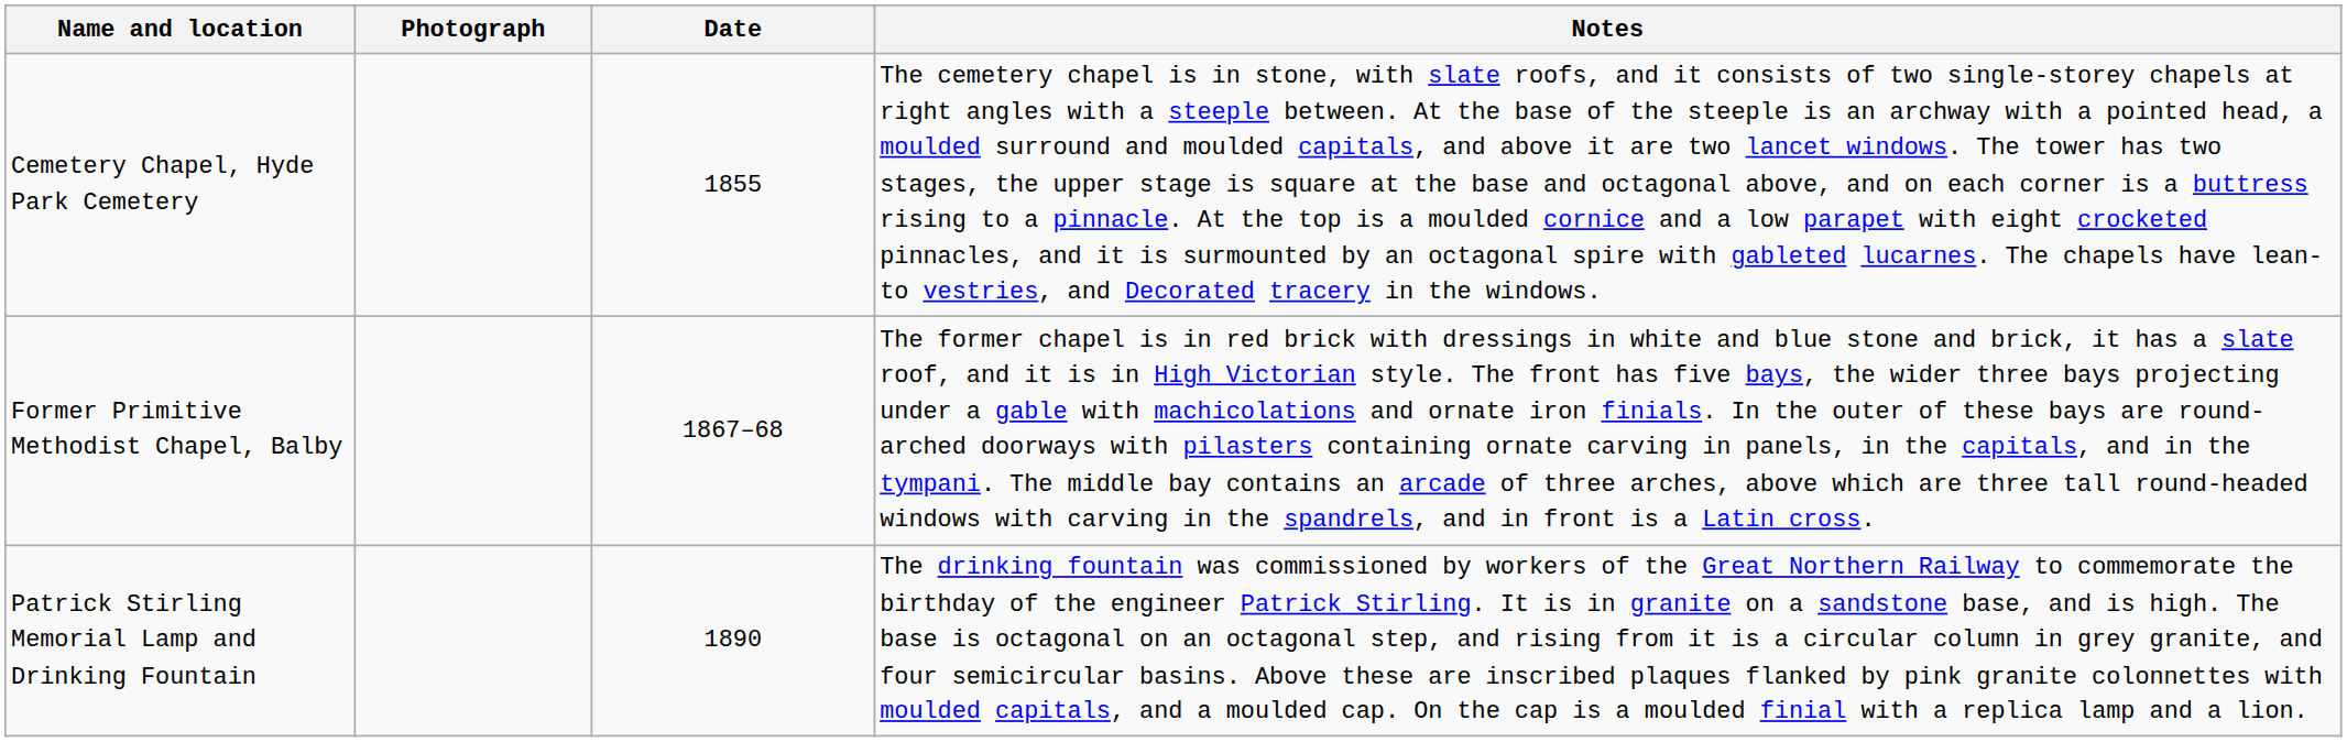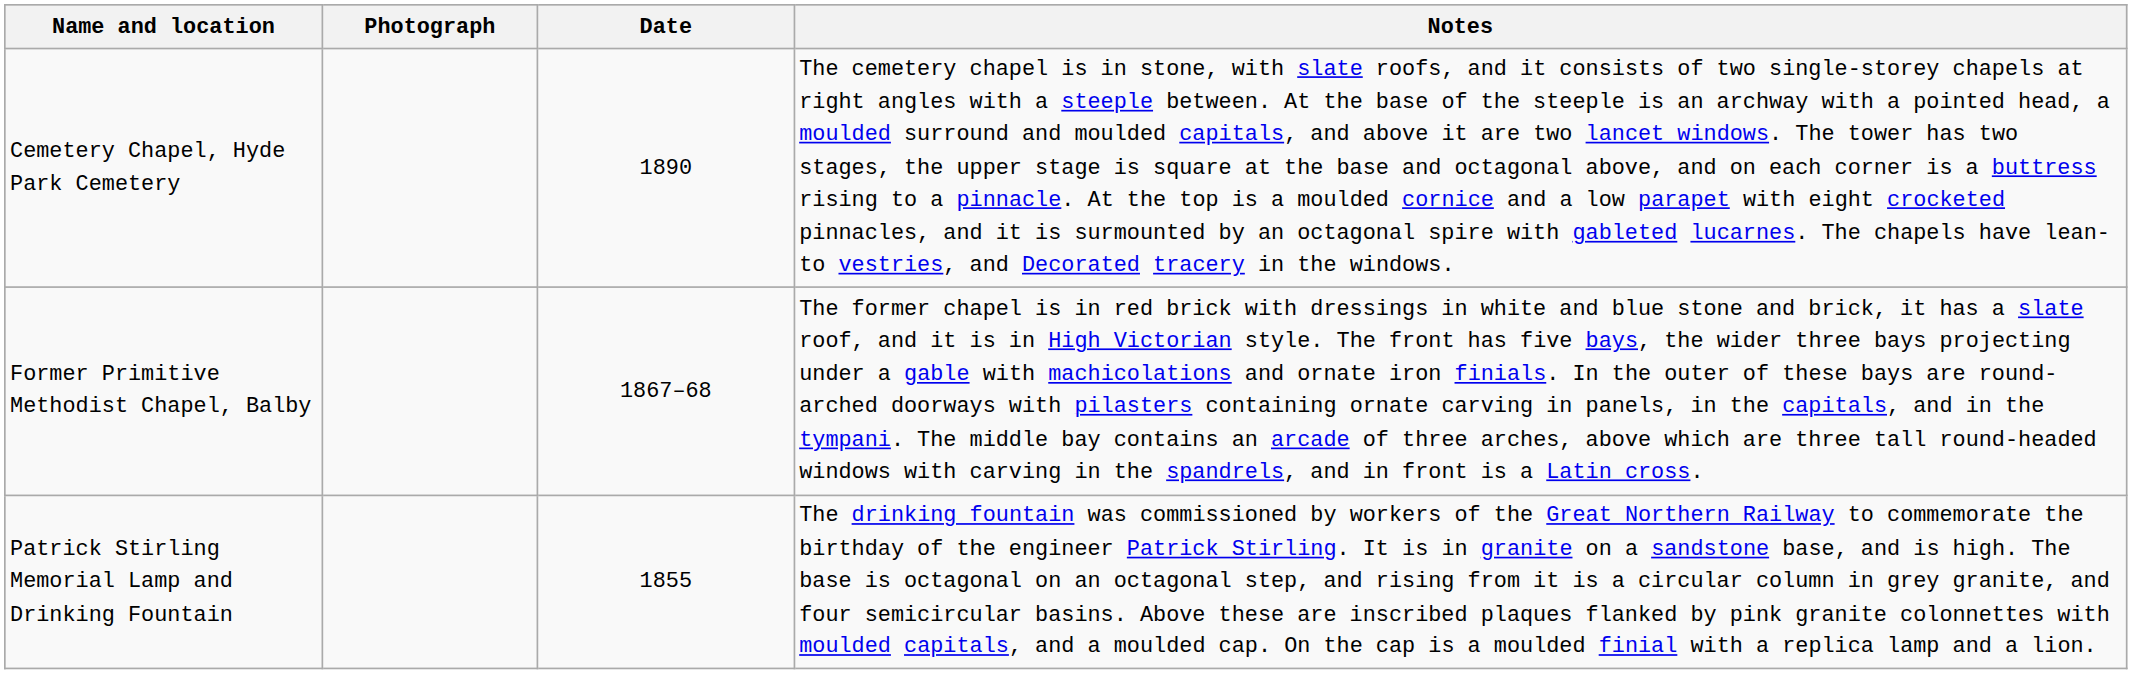 <table class="wikitable sortable plainrowheaders" style="width:100%;border:0px;text-align:left;line-height:150%;">
 <tr>
 <th scope="col"  style="width:150px">Name and location</th>
 <th scope="col"  style="width:100px" class="unsortable">Photograph</th>
 <th scope="col"  style="width:120px">Date</th>
 <th scope="col"  style="width:650px" class="unsortable">Notes</th>
 </tr>
 <tr>
 <td>Cemetery Chapel, Hyde Park Cemetery<br><small></small></td>
 <td></td>
-<td align="center">1855</td>
+<td align="center">1890</td>
 <td>The cemetery chapel is in stone, with <a href='#'>slate</a> roofs, and it consists of two single-storey chapels at right angles with a <a href='#'>steeple</a> between.  At the base of the steeple is an archway with a pointed head, a <a href='#'>moulded</a> surround and moulded <a href='#'>capitals</a>, and above it are two <a href='#'>lancet windows</a>.  The tower has two stages, the upper stage is square at the base and octagonal above, and on each corner is a <a href='#'>buttress</a> rising to a <a href='#'>pinnacle</a>.  At the top is a moulded <a href='#'>cornice</a> and a low <a href='#'>parapet</a> with eight <a href='#'>crocketed</a> pinnacles, and it is surmounted by an octagonal spire with <a href='#'>gableted</a> <a href='#'>lucarnes</a>.  The chapels have lean-to <a href='#'>vestries</a>, and <a href='#'>Decorated</a> <a href='#'>tracery</a> in the windows.</td>
 </tr>
 <tr>
 <td>Former Primitive Methodist Chapel, Balby<br><small></small></td>
 <td></td>
 <td align="center">1867–68</td>
 <td>The former chapel is in red brick with dressings in white and blue stone and brick, it has a <a href='#'>slate</a> roof, and it is in <a href='#'>High Victorian</a> style.  The front has five <a href='#'>bays</a>, the wider three bays projecting under a <a href='#'>gable</a> with <a href='#'>machicolations</a> and ornate iron <a href='#'>finials</a>.  In the outer of these bays are round-arched doorways with <a href='#'>pilasters</a> containing ornate carving in panels, in the <a href='#'>capitals</a>, and in the <a href='#'>tympani</a>.  The middle bay contains an <a href='#'>arcade</a> of three arches, above which are three tall round-headed windows with carving in the <a href='#'>spandrels</a>, and in front is a <a href='#'>Latin cross</a>.</td>
 </tr>
 <tr>
 <td>Patrick Stirling Memorial Lamp and Drinking Fountain<br><small></small></td>
 <td></td>
-<td align="center">1890</td>
+<td align="center">1855</td>
 <td>The <a href='#'>drinking fountain</a> was commissioned by workers of the <a href='#'>Great Northern Railway</a> to commemorate the birthday of the engineer <a href='#'>Patrick Stirling</a>.  It is in <a href='#'>granite</a> on a <a href='#'>sandstone</a> base, and is  high.  The base is octagonal on an octagonal step, and rising from it is a circular column in grey granite, and four semicircular basins.   Above these are inscribed plaques flanked by pink granite colonnettes with <a href='#'>moulded</a> <a href='#'>capitals</a>, and a moulded cap.  On the cap is a moulded <a href='#'>finial</a> with a replica lamp and a lion.</td>
 </tr>
 <tr>
 </tr>
 </table>
